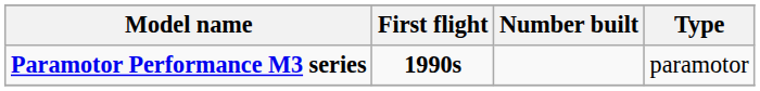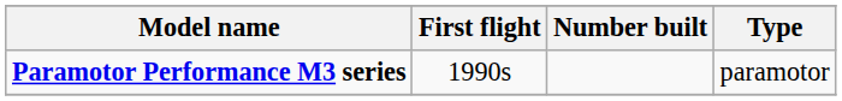 <table class="wikitable" align=center style="font-size:90%;">
 <tr>
 </tr>
 <tr style="background:#efefef;">
 <th>Model name</th>
 <th>First flight</th>
 <th>Number built</th>
 <th>Type</th>
 </tr>
 <tr>
 <td align=left><strong><a href='#'>Paramotor Performance M3</a> series</strong></td>
-<td align=center><strong>1990s</strong></td>
+<td align=center>1990s</td>
 <td align=center></td>
 <td align=left>paramotor</td>
 </tr>
 <tr>
 </tr>
 </table>
